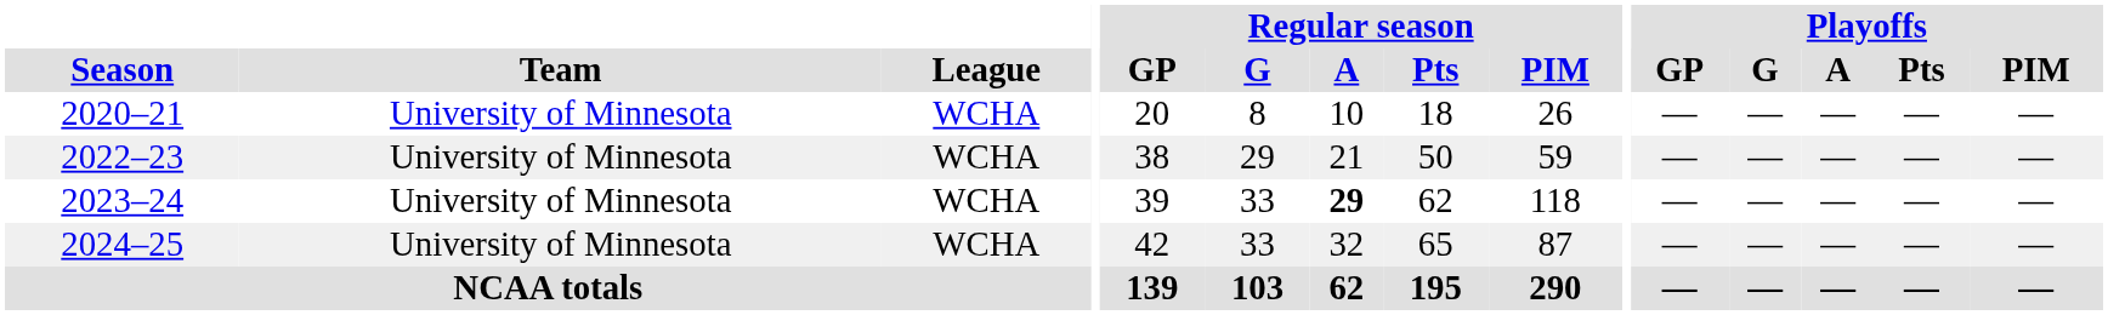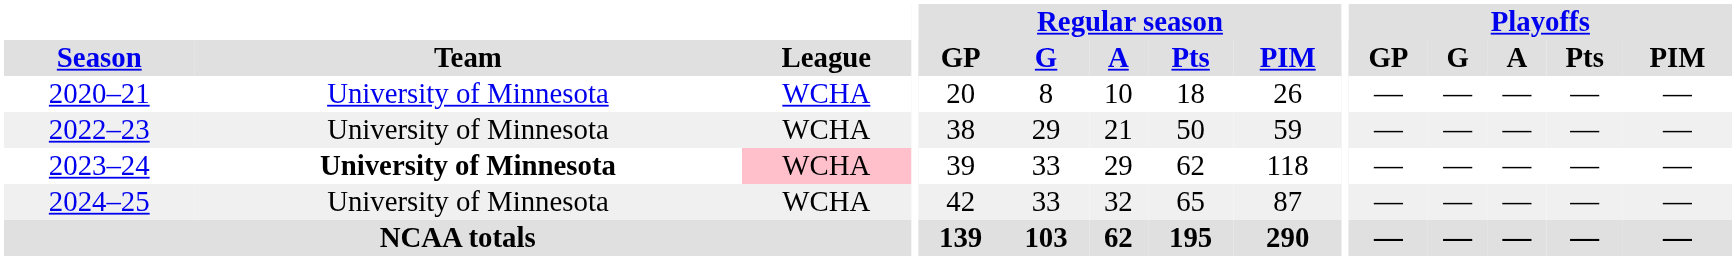 <table border="0" cellpadding="1" cellspacing="0" style="text-align:center; width:60em;">
 <tr bgcolor="#e0e0e0">
 <th colspan="3" bgcolor="#ffffff"></th>
 <th rowspan="100" bgcolor="#ffffff"></th>
 <th colspan="5"><a href='#'>Regular season</a></th>
 <th rowspan="100" bgcolor="#ffffff"></th>
 <th colspan="5"><a href='#'>Playoffs</a></th>
 </tr>
 <tr bgcolor="#e0e0e0">
 <th><a href='#'>Season</a></th>
 <th>Team</th>
 <th>League</th>
 <th>GP</th>
 <th><a href='#'>G</a></th>
 <th><a href='#'>A</a></th>
 <th><a href='#'>Pts</a></th>
 <th><a href='#'>PIM</a></th>
 <th>GP</th>
 <th>G</th>
 <th>A</th>
 <th>Pts</th>
 <th>PIM</th>
 </tr>
 <tr>
 <td><a href='#'>2020–21</a></td>
 <td><a href='#'>University of Minnesota</a></td>
 <td><a href='#'>WCHA</a></td>
 <td>20</td>
 <td>8</td>
 <td>10</td>
 <td>18</td>
 <td>26</td>
 <td>—</td>
 <td>—</td>
 <td>—</td>
 <td>—</td>
 <td>—</td>
 </tr>
 <tr bgcolor="f0f0f0">
 <td><a href='#'>2022–23</a></td>
 <td>University of Minnesota</td>
 <td>WCHA</td>
 <td>38</td>
 <td>29</td>
 <td>21</td>
 <td>50</td>
 <td>59</td>
 <td>—</td>
 <td>—</td>
 <td>—</td>
 <td>—</td>
 <td>—</td>
 </tr>
 <tr>
 <td><a href='#'>2023–24</a></td>
-<td>University of Minnesota</td>
-<td>WCHA</td>
+<td><strong>University of Minnesota</strong></td>
+<td style="background: pink;">WCHA</td>
 <td>39</td>
 <td>33</td>
-<td><strong>29</strong></td>
+<td>29</td>
 <td>62</td>
 <td>118</td>
 <td>—</td>
 <td>—</td>
 <td>—</td>
 <td>—</td>
 <td>—</td>
 </tr>
 <tr bgcolor="f0f0f0">
 <td><a href='#'>2024–25</a></td>
 <td>University of Minnesota</td>
 <td>WCHA</td>
 <td>42</td>
 <td>33</td>
 <td>32</td>
 <td>65</td>
 <td>87</td>
 <td>—</td>
 <td>—</td>
 <td>—</td>
 <td>—</td>
 <td>—</td>
 </tr>
 <tr bgcolor="#e0e0e0">
 <th colspan="3">NCAA totals</th>
 <th>139</th>
 <th>103</th>
 <th>62</th>
 <th>195</th>
 <th>290</th>
 <th>—</th>
 <th>—</th>
 <th>—</th>
 <th>—</th>
 <th>—</th>
 </tr>
 </table>
